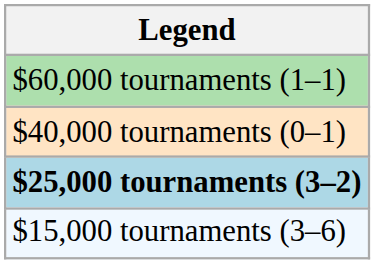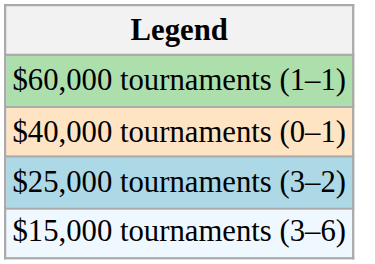 <table class="wikitable" style="font-size:85%">
 <tr>
 <th>Legend</th>
 </tr>
 <tr style="background:#addfad;">
 <td>$60,000 tournaments (1–1)</td>
 </tr>
 <tr style="background:#ffe4c4;">
 <td>$40,000 tournaments (0–1)</td>
 </tr>
 <tr style="background:lightblue;">
-<td><strong>$25,000 tournaments (3–2)</strong></td>
+<td>$25,000 tournaments (3–2)</td>
 </tr>
 <tr style="background:#f0f8ff;">
 <td>$15,000 tournaments (3–6)</td>
 </tr>
 </table>
